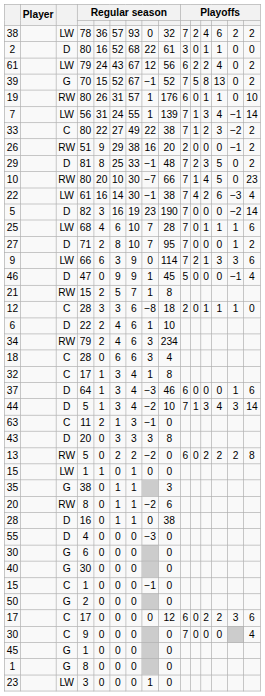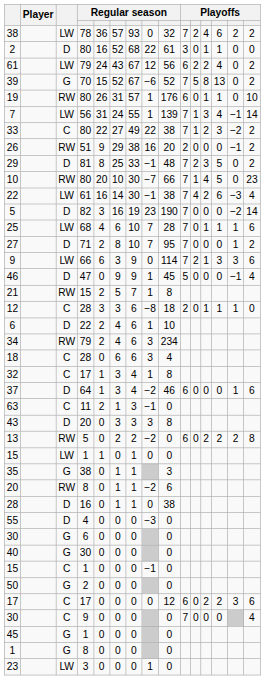 <table class="wikitable sortable plainrowheaders" style="text-align:center;">
 <tr>
 <th scope="col" data-sort-type="number" rowspan="2"></th>
 <th scope="col" rowspan="2">Player</th>
 <th scope="col" rowspan="2"></th>
 <th scope=colgroup colspan=6>Regular season</th>
 <th scope=colgroup colspan=6>Playoffs</th>
 </tr>
 <tr>
 <th scope="col" data-sort-type="number"></th>
 <th scope="col" data-sort-type="number"></th>
 <th scope="col" data-sort-type="number"></th>
 <th scope="col" data-sort-type="number"></th>
 <th scope="col" data-sort-type="number"></th>
 <th scope="col" data-sort-type="number"></th>
 <th scope="col" data-sort-type="number"></th>
 <th scope="col" data-sort-type="number"></th>
 <th scope="col" data-sort-type="number"></th>
 <th scope="col" data-sort-type="number"></th>
 <th scope="col" data-sort-type="number"></th>
 <th scope="col" data-sort-type="number"></th>
 </tr>
 <tr>
 <td scope="row">38</td>
 <td align="left"></td>
 <td>LW</td>
 <td>78</td>
 <td>36</td>
 <td>57</td>
 <td>93</td>
 <td>0</td>
 <td>32</td>
 <td>7</td>
 <td>2</td>
 <td>4</td>
 <td>6</td>
 <td>2</td>
 <td>2</td>
 </tr>
 <tr>
 <td scope="row">2</td>
 <td align="left"></td>
 <td>D</td>
 <td>80</td>
 <td>16</td>
 <td>52</td>
 <td>68</td>
 <td>22</td>
 <td>61</td>
 <td>3</td>
 <td>0</td>
 <td>1</td>
 <td>1</td>
 <td>0</td>
 <td>0</td>
 </tr>
 <tr>
 <td scope="row">61</td>
 <td align="left"></td>
 <td>LW</td>
 <td>79</td>
 <td>24</td>
 <td>43</td>
 <td>67</td>
 <td>12</td>
 <td>56</td>
 <td>6</td>
 <td>2</td>
 <td>2</td>
 <td>4</td>
 <td>0</td>
 <td>2</td>
 </tr>
 <tr>
 <td scope="row">39</td>
 <td align="left"></td>
 <td>G</td>
 <td>70</td>
 <td>15</td>
 <td>52</td>
 <td>67</td>
-<td>−1</td>
+<td>−6</td>
 <td>52</td>
 <td>7</td>
 <td>5</td>
 <td>8</td>
 <td>13</td>
 <td>0</td>
 <td>2</td>
 </tr>
 <tr>
 <td scope="row">19</td>
 <td align="left"></td>
 <td>RW</td>
 <td>80</td>
 <td>26</td>
 <td>31</td>
 <td>57</td>
 <td>1</td>
 <td>176</td>
 <td>6</td>
 <td>0</td>
 <td>1</td>
 <td>1</td>
 <td>0</td>
 <td>10</td>
 </tr>
 <tr>
 <td scope="row">7</td>
 <td align="left"></td>
 <td>LW</td>
 <td>56</td>
 <td>31</td>
 <td>24</td>
 <td>55</td>
 <td>1</td>
 <td>139</td>
 <td>7</td>
 <td>1</td>
 <td>3</td>
 <td>4</td>
 <td>−1</td>
 <td>14</td>
 </tr>
 <tr>
 <td scope="row">33</td>
 <td align="left"></td>
 <td>C</td>
 <td>80</td>
 <td>22</td>
 <td>27</td>
 <td>49</td>
 <td>22</td>
 <td>38</td>
 <td>7</td>
 <td>1</td>
 <td>2</td>
 <td>3</td>
 <td>−2</td>
 <td>2</td>
 </tr>
 <tr>
 <td scope="row">26</td>
 <td align="left"></td>
 <td>RW</td>
 <td>51</td>
 <td>9</td>
 <td>29</td>
 <td>38</td>
 <td>16</td>
 <td>20</td>
 <td>2</td>
 <td>0</td>
 <td>0</td>
 <td>0</td>
 <td>−1</td>
 <td>2</td>
 </tr>
 <tr>
 <td scope="row">29</td>
 <td align="left"></td>
 <td>D</td>
 <td>81</td>
 <td>8</td>
 <td>25</td>
 <td>33</td>
 <td>−1</td>
 <td>48</td>
 <td>7</td>
 <td>2</td>
 <td>3</td>
 <td>5</td>
 <td>0</td>
 <td>2</td>
 </tr>
 <tr>
 <td scope="row">10</td>
 <td align="left"></td>
 <td>RW</td>
 <td>80</td>
 <td>20</td>
 <td>10</td>
 <td>30</td>
 <td>−7</td>
 <td>66</td>
 <td>7</td>
 <td>1</td>
 <td>4</td>
 <td>5</td>
 <td>0</td>
 <td>23</td>
 </tr>
 <tr>
 <td scope="row">22</td>
 <td align="left"></td>
 <td>LW</td>
 <td>61</td>
 <td>16</td>
 <td>14</td>
 <td>30</td>
 <td>−1</td>
 <td>38</td>
 <td>7</td>
 <td>4</td>
 <td>2</td>
 <td>6</td>
 <td>−3</td>
 <td>4</td>
 </tr>
 <tr>
 <td scope="row">5</td>
 <td align="left"></td>
 <td>D</td>
 <td>82</td>
 <td>3</td>
 <td>16</td>
 <td>19</td>
 <td>23</td>
 <td>190</td>
 <td>7</td>
 <td>0</td>
 <td>0</td>
 <td>0</td>
 <td>−2</td>
 <td>14</td>
 </tr>
 <tr>
 <td scope="row">25</td>
 <td align="left"></td>
 <td>LW</td>
 <td>68</td>
 <td>4</td>
 <td>6</td>
 <td>10</td>
 <td>7</td>
 <td>28</td>
 <td>7</td>
 <td>0</td>
 <td>1</td>
 <td>1</td>
 <td>1</td>
 <td>6</td>
 </tr>
 <tr>
 <td scope="row">27</td>
 <td align="left"></td>
 <td>D</td>
 <td>71</td>
 <td>2</td>
 <td>8</td>
 <td>10</td>
 <td>7</td>
 <td>95</td>
 <td>7</td>
 <td>0</td>
 <td>0</td>
 <td>0</td>
 <td>1</td>
 <td>2</td>
 </tr>
 <tr>
 <td scope="row">9</td>
 <td align="left"></td>
 <td>LW</td>
 <td>66</td>
 <td>6</td>
 <td>3</td>
 <td>9</td>
 <td>0</td>
 <td>114</td>
 <td>7</td>
 <td>2</td>
 <td>1</td>
 <td>3</td>
 <td>3</td>
 <td>6</td>
 </tr>
 <tr>
 <td scope="row">46</td>
 <td align="left"></td>
 <td>D</td>
 <td>47</td>
 <td>0</td>
 <td>9</td>
 <td>9</td>
 <td>1</td>
 <td>45</td>
 <td>5</td>
 <td>0</td>
 <td>0</td>
 <td>0</td>
 <td>−1</td>
 <td>4</td>
 </tr>
 <tr>
 <td scope="row">21</td>
 <td align="left"></td>
 <td>RW</td>
 <td>15</td>
 <td>2</td>
 <td>5</td>
 <td>7</td>
 <td>1</td>
 <td>8</td>
 <td></td>
 <td></td>
 <td></td>
 <td></td>
 <td></td>
 <td></td>
 </tr>
 <tr>
 <td scope="row">12</td>
 <td align="left"></td>
 <td>C</td>
 <td>28</td>
 <td>3</td>
 <td>3</td>
 <td>6</td>
 <td>−8</td>
 <td>18</td>
 <td>2</td>
 <td>0</td>
 <td>1</td>
 <td>1</td>
 <td>1</td>
 <td>0</td>
 </tr>
 <tr>
 <td scope="row">6</td>
 <td align="left"></td>
 <td>D</td>
 <td>22</td>
 <td>2</td>
 <td>4</td>
 <td>6</td>
 <td>1</td>
 <td>10</td>
 <td></td>
 <td></td>
 <td></td>
 <td></td>
 <td></td>
 <td></td>
 </tr>
 <tr>
 <td scope="row">34</td>
 <td align="left"></td>
 <td>RW</td>
 <td>79</td>
 <td>2</td>
 <td>4</td>
 <td>6</td>
 <td>3</td>
 <td>234</td>
 <td></td>
 <td></td>
 <td></td>
 <td></td>
 <td></td>
 <td></td>
 </tr>
 <tr>
 <td scope="row">18</td>
 <td align="left"></td>
 <td>C</td>
 <td>28</td>
 <td>0</td>
 <td>6</td>
 <td>6</td>
 <td>3</td>
 <td>4</td>
 <td></td>
 <td></td>
 <td></td>
 <td></td>
 <td></td>
 <td></td>
 </tr>
 <tr>
 <td scope="row">32</td>
 <td align="left"></td>
 <td>C</td>
 <td>17</td>
 <td>1</td>
 <td>3</td>
 <td>4</td>
 <td>1</td>
 <td>8</td>
 <td></td>
 <td></td>
 <td></td>
 <td></td>
 <td></td>
 <td></td>
 </tr>
 <tr>
 <td scope="row">37</td>
 <td align="left"></td>
 <td>D</td>
 <td>64</td>
 <td>1</td>
 <td>3</td>
 <td>4</td>
-<td>−3</td>
+<td>−2</td>
 <td>46</td>
 <td>6</td>
 <td>0</td>
 <td>0</td>
 <td>0</td>
 <td>1</td>
 <td>6</td>
-</tr>
-<tr>
-<td scope="row">44</td>
-<td align="left"></td>
-<td>D</td>
-<td>5</td>
-<td>1</td>
-<td>3</td>
-<td>4</td>
-<td>−2</td>
-<td>10</td>
-<td>7</td>
-<td>1</td>
-<td>3</td>
-<td>4</td>
-<td>3</td>
-<td>14</td>
 </tr>
 <tr>
 <td scope="row">63</td>
 <td align="left"></td>
 <td>C</td>
 <td>11</td>
 <td>2</td>
 <td>1</td>
 <td>3</td>
 <td>−1</td>
 <td>0</td>
 <td></td>
 <td></td>
 <td></td>
 <td></td>
 <td></td>
 <td></td>
 </tr>
 <tr>
 <td scope="row">43</td>
 <td align="left"></td>
 <td>D</td>
 <td>20</td>
 <td>0</td>
 <td>3</td>
 <td>3</td>
 <td>3</td>
 <td>8</td>
 <td></td>
 <td></td>
 <td></td>
 <td></td>
 <td></td>
 <td></td>
 </tr>
 <tr>
 <td scope="row">13</td>
 <td align="left"></td>
 <td>RW</td>
 <td>5</td>
 <td>0</td>
 <td>2</td>
 <td>2</td>
 <td>−2</td>
 <td>0</td>
 <td>6</td>
 <td>0</td>
 <td>2</td>
 <td>2</td>
 <td>2</td>
 <td>8</td>
 </tr>
 <tr>
 <td scope="row">15</td>
 <td align="left"></td>
 <td>LW</td>
 <td>1</td>
 <td>1</td>
 <td>0</td>
 <td>1</td>
 <td>0</td>
 <td>0</td>
 <td></td>
 <td></td>
 <td></td>
 <td></td>
 <td></td>
 <td></td>
 </tr>
 <tr>
 <td scope="row">35</td>
 <td align="left"></td>
 <td>G</td>
 <td>38</td>
 <td>0</td>
 <td>1</td>
 <td>1</td>
 <td style="background:#ccc"></td>
 <td>3</td>
 <td></td>
 <td></td>
 <td></td>
 <td></td>
 <td></td>
 <td></td>
 </tr>
 <tr>
 <td scope="row">20</td>
 <td align="left"></td>
 <td>RW</td>
 <td>8</td>
 <td>0</td>
 <td>1</td>
 <td>1</td>
 <td>−2</td>
 <td>6</td>
 <td></td>
 <td></td>
 <td></td>
 <td></td>
 <td></td>
 <td></td>
 </tr>
 <tr>
 <td scope="row">28</td>
 <td align="left"></td>
 <td>D</td>
 <td>16</td>
 <td>0</td>
 <td>1</td>
 <td>1</td>
 <td>0</td>
 <td>38</td>
 <td></td>
 <td></td>
 <td></td>
 <td></td>
 <td></td>
 <td></td>
 </tr>
 <tr>
 <td scope="row">55</td>
 <td align="left"></td>
 <td>D</td>
 <td>4</td>
 <td>0</td>
 <td>0</td>
 <td>0</td>
 <td>−3</td>
 <td>0</td>
 <td></td>
 <td></td>
 <td></td>
 <td></td>
 <td></td>
 <td></td>
 </tr>
 <tr>
 <td scope="row">30</td>
 <td align="left"></td>
 <td>G</td>
 <td>6</td>
 <td>0</td>
 <td>0</td>
 <td>0</td>
 <td style="background:#ccc"></td>
 <td>0</td>
 <td></td>
 <td></td>
 <td></td>
 <td></td>
 <td></td>
 <td></td>
 </tr>
 <tr>
 <td scope="row">40</td>
 <td align="left"></td>
 <td>G</td>
 <td>30</td>
 <td>0</td>
 <td>0</td>
 <td>0</td>
 <td style="background:#ccc"></td>
 <td>0</td>
 <td></td>
 <td></td>
 <td></td>
 <td></td>
 <td></td>
 <td></td>
 </tr>
 <tr>
 <td scope="row">15</td>
 <td align="left"></td>
 <td>C</td>
 <td>1</td>
 <td>0</td>
 <td>0</td>
 <td>0</td>
 <td>−1</td>
 <td>0</td>
 <td></td>
 <td></td>
 <td></td>
 <td></td>
 <td></td>
 <td></td>
 </tr>
 <tr>
 <td scope="row">50</td>
 <td align="left"></td>
 <td>G</td>
 <td>2</td>
 <td>0</td>
 <td>0</td>
 <td>0</td>
 <td style="background:#ccc"></td>
 <td>0</td>
 <td></td>
 <td></td>
 <td></td>
 <td></td>
 <td></td>
 <td></td>
 </tr>
 <tr>
 <td scope="row">17</td>
 <td align="left"></td>
 <td>C</td>
 <td>17</td>
 <td>0</td>
 <td>0</td>
 <td>0</td>
 <td>0</td>
 <td>12</td>
 <td>6</td>
 <td>0</td>
 <td>2</td>
 <td>2</td>
 <td>3</td>
 <td>6</td>
 </tr>
 <tr>
 <td scope="row">30</td>
 <td align="left"></td>
 <td>C</td>
 <td>9</td>
 <td>0</td>
 <td>0</td>
 <td>0</td>
 <td style="background:#ccc"></td>
 <td>0</td>
 <td>7</td>
 <td>0</td>
 <td>0</td>
 <td>0</td>
 <td style="background:#ccc"></td>
 <td>4</td>
 </tr>
 <tr>
 <td scope="row">45</td>
 <td align="left"></td>
 <td>G</td>
 <td>1</td>
 <td>0</td>
 <td>0</td>
 <td>0</td>
 <td style="background:#ccc"></td>
 <td>0</td>
 <td></td>
 <td></td>
 <td></td>
 <td></td>
 <td></td>
 <td></td>
 </tr>
 <tr>
 <td scope="row">1</td>
 <td align="left"></td>
 <td>G</td>
 <td>8</td>
 <td>0</td>
 <td>0</td>
 <td>0</td>
 <td style="background:#ccc"></td>
 <td>0</td>
 <td></td>
 <td></td>
 <td></td>
 <td></td>
 <td></td>
 <td></td>
 </tr>
 <tr>
 <td scope="row">23</td>
 <td align="left"></td>
 <td>LW</td>
 <td>3</td>
 <td>0</td>
 <td>0</td>
 <td>0</td>
 <td>1</td>
 <td>0</td>
 <td></td>
 <td></td>
 <td></td>
 <td></td>
 <td></td>
 <td></td>
 </tr>
 </table>
